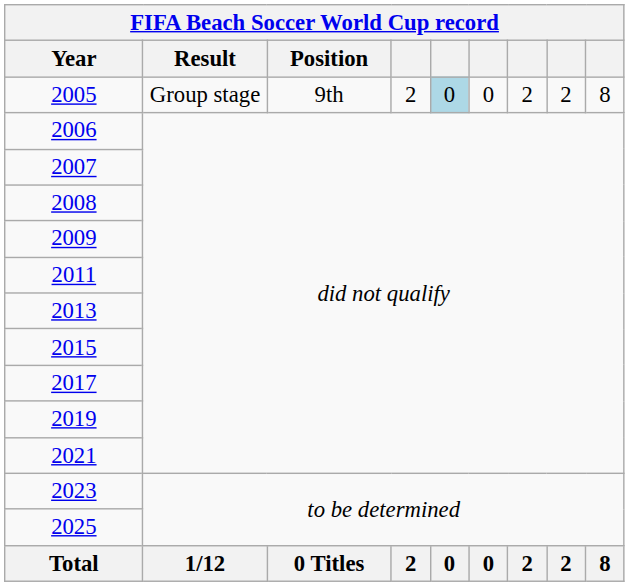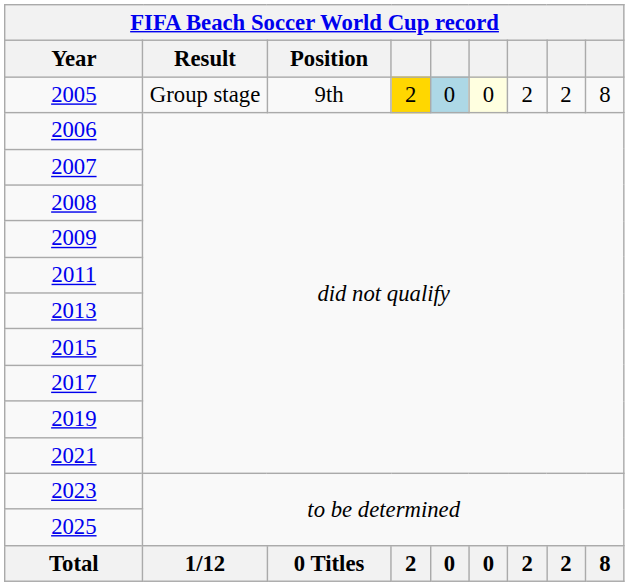 <table class="wikitable" style="text-align: center;">
 <tr>
 <th colspan="9"><a href='#'>FIFA Beach Soccer World Cup record</a></th>
 </tr>
 <tr>
 <th width="90">Year</th>
 <th width="80">Result</th>
 <th width="80">Position</th>
 <th width="20"></th>
 <th width="20"></th>
 <th width="20"></th>
 <th width="20"></th>
 <th width="20"></th>
 <th width="20"></th>
 </tr>
 <tr>
 <td> <a href='#'>2005</a></td>
 <td>Group stage</td>
 <td>9th</td>
-<td>2</td>
+<td style="background: gold;">2</td>
 <td style="background: lightblue;">0</td>
-<td>0</td>
+<td style="background: lightyellow;">0</td>
 <td>2</td>
 <td>2</td>
 <td>8</td>
 </tr>
 <tr>
 <td> <a href='#'>2006</a></td>
 <td rowspan=10 colspan=8><em>did not qualify</em></td>
 </tr>
 <tr>
 <td> <a href='#'>2007</a></td>
 </tr>
 <tr>
 <td> <a href='#'>2008</a></td>
 </tr>
 <tr>
 <td> <a href='#'>2009</a></td>
 </tr>
 <tr>
 <td> <a href='#'>2011</a></td>
 </tr>
 <tr>
 <td> <a href='#'>2013</a></td>
 </tr>
 <tr>
 <td> <a href='#'>2015</a></td>
 </tr>
 <tr>
 <td> <a href='#'>2017</a></td>
 </tr>
 <tr>
 <td> <a href='#'>2019</a></td>
 </tr>
 <tr>
 <td> <a href='#'>2021</a></td>
 </tr>
 <tr>
 <td> <a href='#'>2023</a></td>
 <td rowspan=2 colspan=8><em>to be determined</em></td>
 </tr>
 <tr>
 <td> <a href='#'>2025</a></td>
 </tr>
 <tr>
 <th><strong>Total</strong></th>
 <th>1/12</th>
 <th><strong>0 Titles</strong></th>
 <th>2</th>
 <th>0</th>
 <th>0</th>
 <th>2</th>
 <th>2</th>
 <th>8</th>
 </tr>
 </table>
